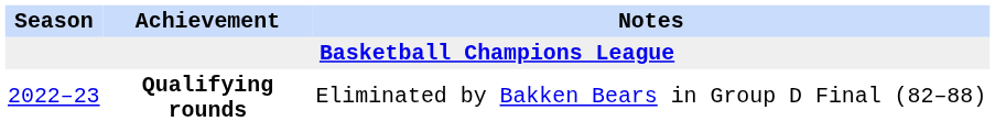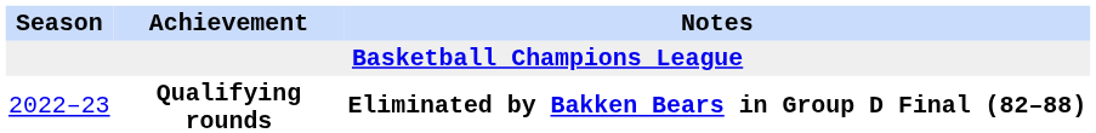 <table class="toccolours" border="0" cellpadding="2" cellspacing="0" align="left" style="margin:0.5em;">
 <tr bgcolor=#CADCFB>
 <th>Season</th>
 <th style="width:120px;">Achievement</th>
 <th>Notes</th>
 </tr>
 <tr>
 <th colspan="4" bgcolor=#EFEFEF><a href='#'>Basketball Champions League</a></th>
 </tr>
 <tr>
 <td align="center"><a href='#'>2022–23</a></td>
 <td align="center"><strong>Qualifying rounds</strong></td>
-<td align="left">Eliminated by <a href='#'>Bakken Bears</a> in Group D Final (82–88)</td>
+<td align="left"><strong>Eliminated by <a href='#'>Bakken Bears</a> in Group D Final (82–88)</strong></td>
 </tr>
 <tr>
 </tr>
 </table>
